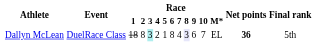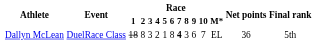 <table class="DuelClass" style="font-size:90%">
 <tr>
 <th rowspan="2">Athlete</th>
 <th rowspan="2">Event</th>
 <th colspan=11>Race</th>
 <th rowspan=2>Net points</th>
 <th rowspan=2>Final rank</th>
 </tr>
 <tr style="font-size:95%">
 <th>1</th>
 <th>2</th>
 <th>3</th>
 <th>4</th>
 <th>5</th>
 <th>6</th>
 <th>7</th>
 <th>8</th>
 <th>9</th>
 <th>10</th>
 <th>M*</th>
 </tr>
 <tr align=center>
 <td align=left><a href='#'>Dallyn McLean</a> <br></td>
 <td align=left><a href='#'>DuelRace Class</a></td>
 <td><s>18</s></td>
 <td>8</td>
-<td style="background: paleturquoise;">3</td>
+<td>3</td>
 <td>2</td>
 <td>1</td>
 <td>8</td>
-<td>4</td>
-<td style="background: lavender;">3</td>
+<td><strong>4</strong></td>
+<td>3</td>
 <td>6</td>
 <td>7</td>
 <td>EL</td>
-<td><strong>36</strong></td>
+<td>36</td>
 <td>5th</td>
 </tr>
 </table>
